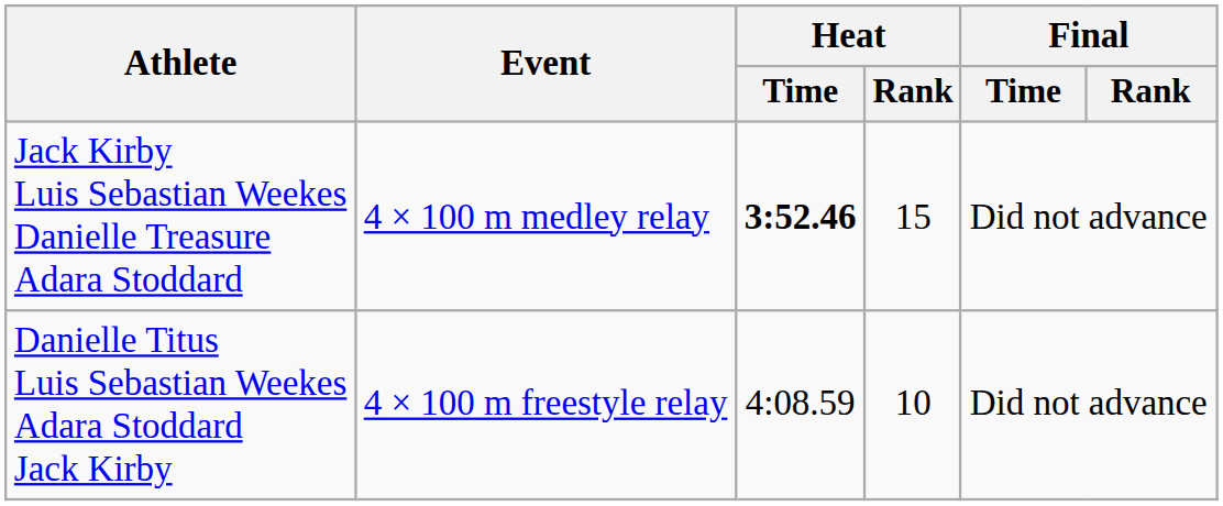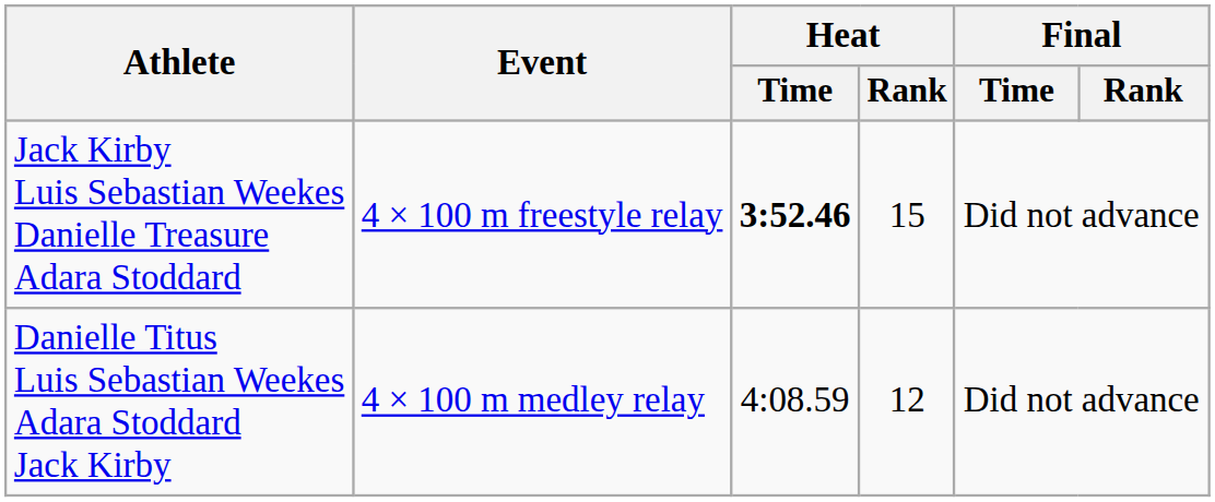 <table class=wikitable style=font-size:90%>
 <tr>
 <th rowspan=2>Athlete</th>
 <th rowspan=2>Event</th>
 <th colspan=2>Heat</th>
 <th colspan=2>Final</th>
 </tr>
 <tr style=font-size:95%>
 <th>Time</th>
 <th>Rank</th>
 <th>Time</th>
 <th>Rank</th>
 </tr>
 <tr align=center>
 <td align=left><a href='#'>Jack Kirby</a><br><a href='#'>Luis Sebastian Weekes</a><br><a href='#'>Danielle Treasure</a><br><a href='#'>Adara Stoddard</a></td>
-<td align=left><a href='#'>4 × 100 m medley relay</a></td>
+<td align=left><a href='#'>4 × 100 m freestyle relay</a></td>
 <td><strong>3:52.46</strong></td>
 <td>15</td>
 <td colspan=2>Did not advance</td>
 </tr>
 <tr align=center>
 <td align=left><a href='#'>Danielle Titus</a><br><a href='#'>Luis Sebastian Weekes</a><br><a href='#'>Adara Stoddard</a><br><a href='#'>Jack Kirby</a></td>
-<td align=left><a href='#'>4 × 100 m freestyle relay</a></td>
+<td align=left><a href='#'>4 × 100 m medley relay</a></td>
 <td>4:08.59</td>
-<td>10</td>
+<td>12</td>
 <td colspan="2">Did not advance</td>
 </tr>
 </table>
